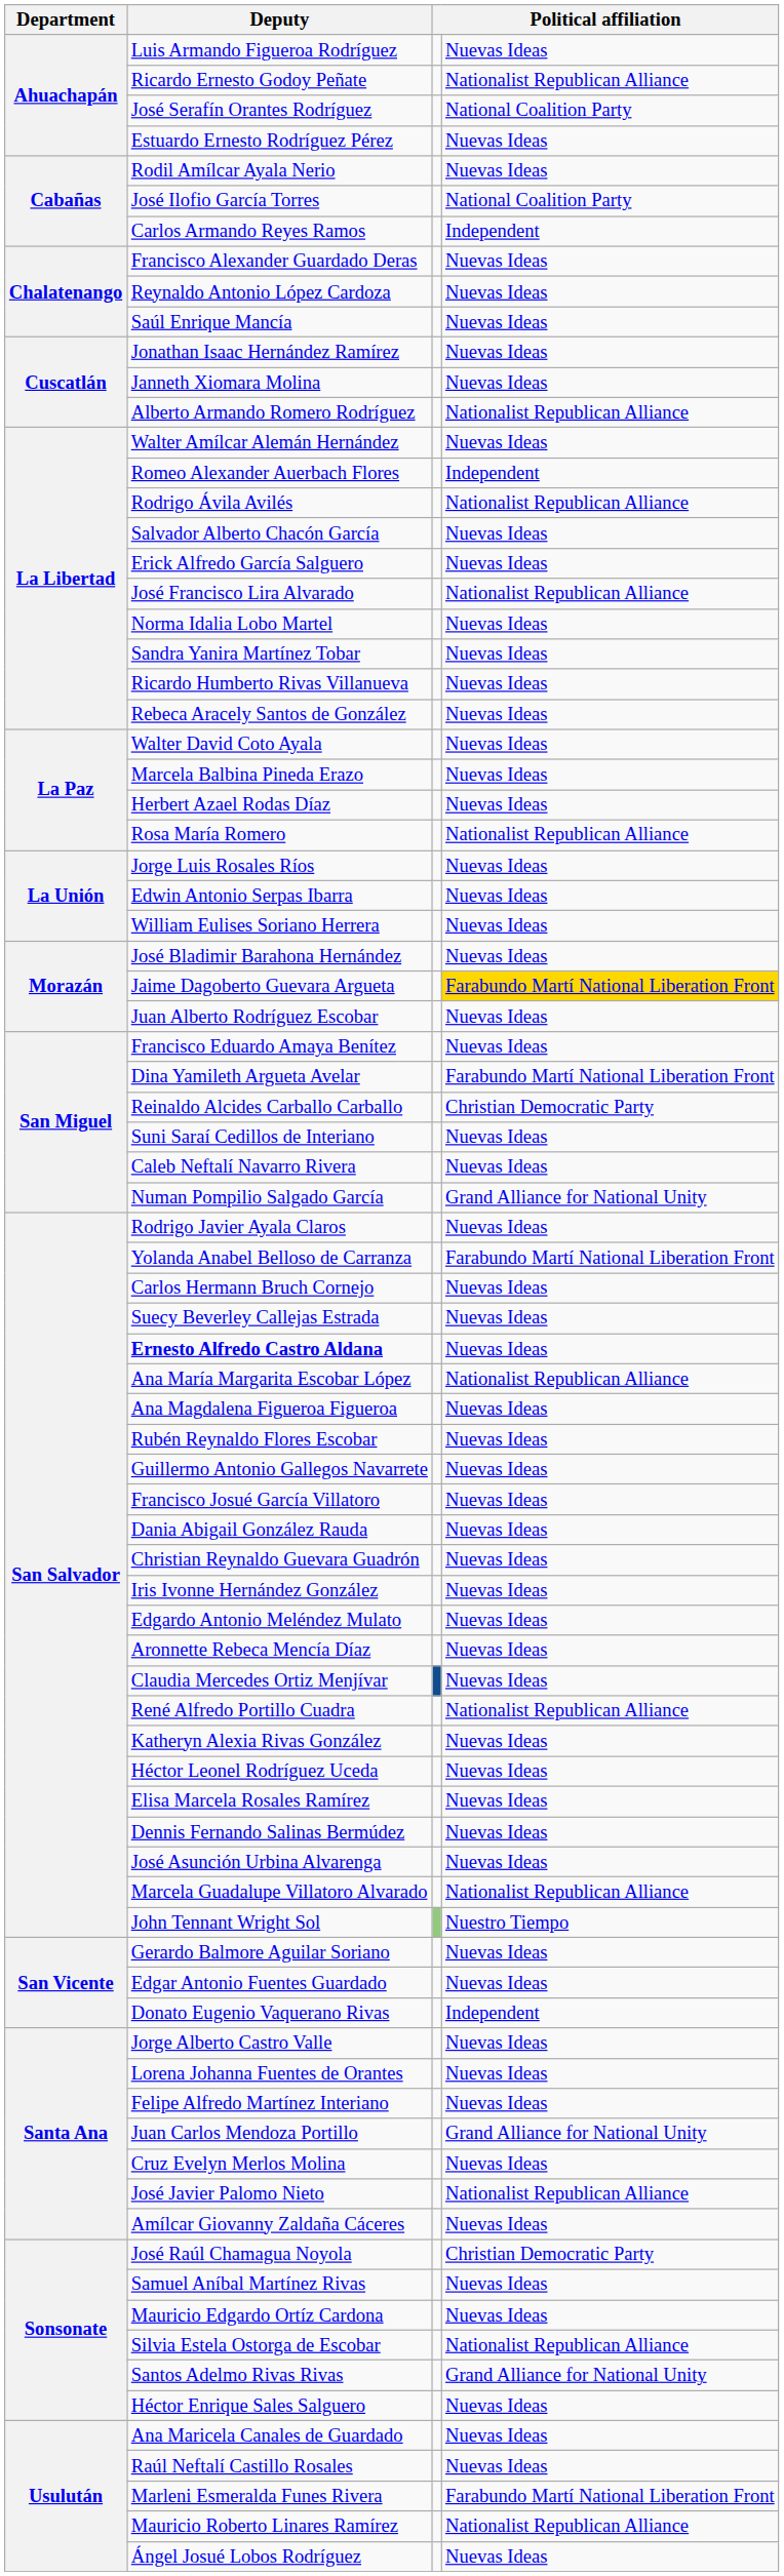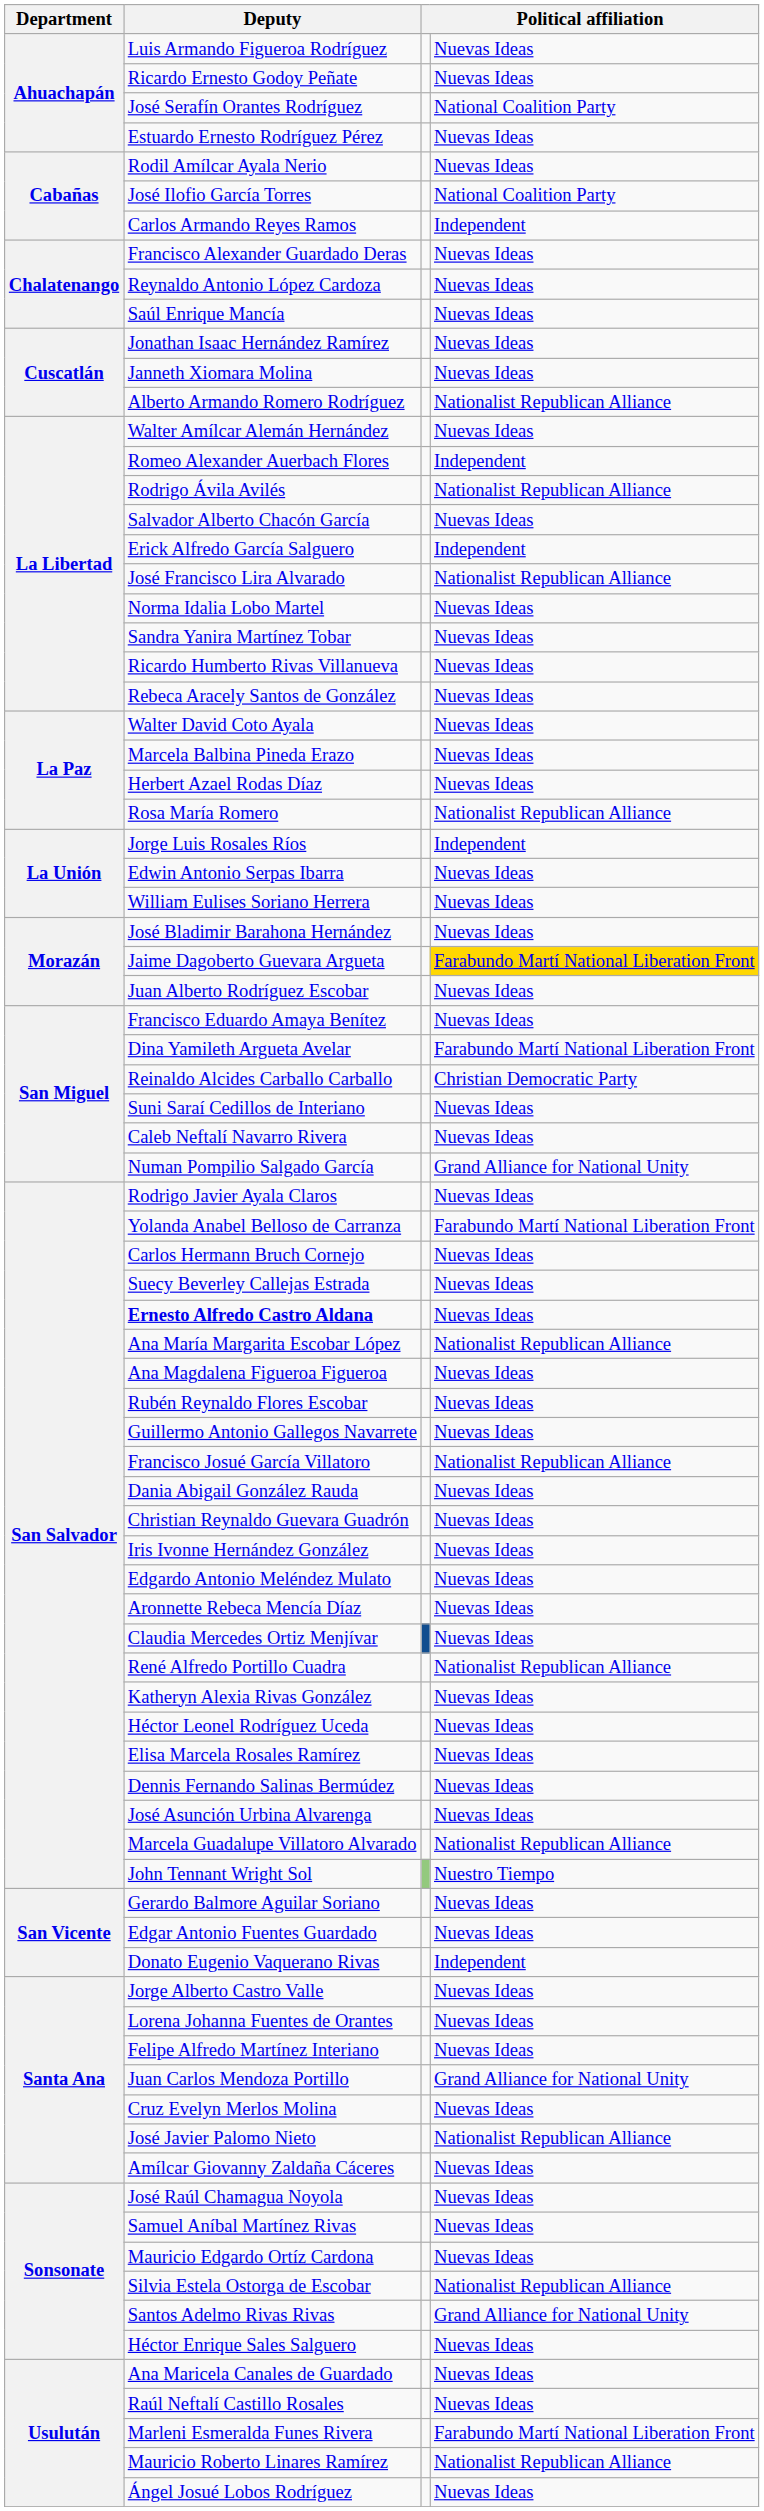 <table class="wikitable sortable">
 <tr>
 <th>Department</th>
 <th>Deputy</th>
 <th colspan="2">Political affiliation</th>
 </tr>
 <tr>
 <th rowspan="4"><a href='#'>Ahuachapán</a></th>
 <td data-sort-value="Figueroa Rodríguez, Luis Armando"><a href='#'>Luis Armando Figueroa Rodríguez</a></td>
 <td></td>
 <td><a href='#'>Nuevas Ideas</a></td>
 </tr>
 <tr>
 <td data-sort-value="Godoy Peñate, Ricardo Ernesto"><a href='#'>Ricardo Ernesto Godoy Peñate</a></td>
 <td></td>
-<td><a href='#'>Nationalist Republican Alliance</a></td>
+<td><a href='#'>Nuevas Ideas</a></td>
 </tr>
 <tr>
 <td data-sort-value="Orantes Rodríguez, José Serafín"><a href='#'>José Serafín Orantes Rodríguez</a></td>
 <td></td>
 <td><a href='#'>National Coalition Party</a></td>
 </tr>
 <tr>
 <td data-sort-value="Rodríguez Pérez, Estuardo Ernesto"><a href='#'>Estuardo Ernesto Rodríguez Pérez</a></td>
 <td></td>
 <td><a href='#'>Nuevas Ideas</a></td>
 </tr>
 <tr>
 <th rowspan="3"><a href='#'>Cabañas</a></th>
 <td data-sort-value="Ayala Nerio, Rodil Amilcar"><a href='#'>Rodil Amílcar Ayala Nerio</a></td>
 <td></td>
 <td><a href='#'>Nuevas Ideas</a></td>
 </tr>
 <tr>
 <td data-sort-value="García Torres, José Ilofio"><a href='#'>José Ilofio García Torres</a></td>
 <td></td>
 <td><a href='#'>National Coalition Party</a></td>
 </tr>
 <tr>
 <td data-sort-value="Reyes Ramos, Carlos Armando"><a href='#'>Carlos Armando Reyes Ramos</a></td>
 <td></td>
 <td><a href='#'>Independent</a></td>
 </tr>
 <tr>
 <th rowspan="3"><a href='#'>Chalatenango</a></th>
 <td data-sort-value="Guardado Deras, Francisco Alexander"><a href='#'>Francisco Alexander Guardado Deras</a></td>
 <td></td>
 <td><a href='#'>Nuevas Ideas</a></td>
 </tr>
 <tr>
 <td data-sort-value="López Cardoza, Reynaldo Antonio"><a href='#'>Reynaldo Antonio López Cardoza</a></td>
 <td></td>
 <td><a href='#'>Nuevas Ideas</a></td>
 </tr>
 <tr>
 <td data-sort-value="Mancia, Saúl Enrique"><a href='#'>Saúl Enrique Mancía</a></td>
 <td></td>
 <td><a href='#'>Nuevas Ideas</a></td>
 </tr>
 <tr>
 <th rowspan="3"><a href='#'>Cuscatlán</a></th>
 <td data-sort-value="Hernández Ramírez, Jonathan Isaac"><a href='#'>Jonathan Isaac Hernández Ramírez</a></td>
 <td></td>
 <td><a href='#'>Nuevas Ideas</a></td>
 </tr>
 <tr>
 <td data-sort-value="Molina, Janneth Xiomara"><a href='#'>Janneth Xiomara Molina</a></td>
 <td></td>
 <td><a href='#'>Nuevas Ideas</a></td>
 </tr>
 <tr>
 <td data-sort-value="Romero Rodríguez, Alberto Armando"><a href='#'>Alberto Armando Romero Rodríguez</a></td>
 <td></td>
 <td><a href='#'>Nationalist Republican Alliance</a></td>
 </tr>
 <tr>
 <th rowspan="10"><a href='#'>La Libertad</a></th>
 <td data-sort-value="Alemán Hernández, Walter Amílcar"><a href='#'>Walter Amílcar Alemán Hernández</a></td>
 <td></td>
 <td><a href='#'>Nuevas Ideas</a></td>
 </tr>
 <tr>
 <td data-sort-value="Auerbach Flores, Romeo Alexander"><a href='#'>Romeo Alexander Auerbach Flores</a></td>
 <td></td>
 <td><a href='#'>Independent</a></td>
 </tr>
 <tr>
 <td data-sort-value="Ávila Avilés, Rodrigo"><a href='#'>Rodrigo Ávila Avilés</a></td>
 <td></td>
 <td><a href='#'>Nationalist Republican Alliance</a></td>
 </tr>
 <tr>
 <td data-sort-value="Chacón García, Salvador Alberto"><a href='#'>Salvador Alberto Chacón García</a></td>
 <td></td>
 <td><a href='#'>Nuevas Ideas</a></td>
 </tr>
 <tr>
 <td data-sort-value="García Salguero, Erick Alfredo"><a href='#'>Erick Alfredo García Salguero</a></td>
 <td></td>
-<td><a href='#'>Nuevas Ideas</a></td>
+<td><a href='#'>Independent</a></td>
 </tr>
 <tr>
 <td data-sort-value="Lira Alvarado, José Francisco"><a href='#'>José Francisco Lira Alvarado</a></td>
 <td></td>
 <td><a href='#'>Nationalist Republican Alliance</a></td>
 </tr>
 <tr>
 <td data-sort-value="Lobo Martel, Norma Idalia"><a href='#'>Norma Idalia Lobo Martel</a></td>
 <td></td>
 <td><a href='#'>Nuevas Ideas</a></td>
 </tr>
 <tr>
 <td data-sort-value="Martínez Tobar, Sandra Yanira"><a href='#'>Sandra Yanira Martínez Tobar</a></td>
 <td></td>
 <td><a href='#'>Nuevas Ideas</a></td>
 </tr>
 <tr>
 <td data-sort-value="Rivas Villanueva, Ricardo Humberto"><a href='#'>Ricardo Humberto Rivas Villanueva</a></td>
 <td></td>
 <td><a href='#'>Nuevas Ideas</a></td>
 </tr>
 <tr>
 <td data-sort-value="Santos de González, Rebeca Aracely"><a href='#'>Rebeca Aracely Santos de González</a></td>
 <td></td>
 <td><a href='#'>Nuevas Ideas</a></td>
 </tr>
 <tr>
 <th rowspan="4"><a href='#'>La Paz</a></th>
 <td data-sort-value="Coto Ayala, Walter David"><a href='#'>Walter David Coto Ayala</a></td>
 <td></td>
 <td><a href='#'>Nuevas Ideas</a></td>
 </tr>
 <tr>
 <td data-sort-value="Pineda Erazo, Marcela Balbina"><a href='#'>Marcela Balbina Pineda Erazo</a></td>
 <td></td>
 <td><a href='#'>Nuevas Ideas</a></td>
 </tr>
 <tr>
 <td data-sort-value="Rodas Díaz, Herbert Azael"><a href='#'>Herbert Azael Rodas Díaz</a></td>
 <td></td>
 <td><a href='#'>Nuevas Ideas</a></td>
 </tr>
 <tr>
 <td data-sort-value="Romero, Rosa María"><a href='#'>Rosa María Romero</a></td>
 <td></td>
 <td><a href='#'>Nationalist Republican Alliance</a></td>
 </tr>
 <tr>
 <th rowspan="3"><a href='#'>La Unión</a></th>
 <td data-sort-value="Rosales Ríos, Jorge Luis"><a href='#'>Jorge Luis Rosales Ríos</a></td>
 <td></td>
-<td><a href='#'>Nuevas Ideas</a></td>
+<td><a href='#'>Independent</a></td>
 </tr>
 <tr>
 <td data-sort-value="Serpas Ibarra, Edwin Antonio"><a href='#'>Edwin Antonio Serpas Ibarra</a></td>
 <td></td>
 <td><a href='#'>Nuevas Ideas</a></td>
 </tr>
 <tr>
 <td data-sort-value="Soriano Herrera, William Eulises"><a href='#'>William Eulises Soriano Herrera</a></td>
 <td></td>
 <td><a href='#'>Nuevas Ideas</a></td>
 </tr>
 <tr>
 <th rowspan="3"><a href='#'>Morazán</a></th>
 <td data-sort-value="Barahona Hernández, José Bladimir"><a href='#'>José Bladimir Barahona Hernández</a></td>
 <td></td>
 <td><a href='#'>Nuevas Ideas</a></td>
 </tr>
 <tr>
 <td data-sort-value="Guevara Argueta, Jaime Dagoberto"><a href='#'>Jaime Dagoberto Guevara Argueta</a></td>
 <td></td>
 <td style="background: gold;"><a href='#'>Farabundo Martí National Liberation Front</a></td>
 </tr>
 <tr>
 <td data-sort-value="Rodríguez Escobar, Juan Alberto"><a href='#'>Juan Alberto Rodríguez Escobar</a></td>
 <td></td>
 <td><a href='#'>Nuevas Ideas</a></td>
 </tr>
 <tr>
 <th rowspan="6"><a href='#'>San Miguel</a></th>
 <td data-sort-value="Amaya Benítez, Francisco Eduardo"><a href='#'>Francisco Eduardo Amaya Benítez</a></td>
 <td></td>
 <td><a href='#'>Nuevas Ideas</a></td>
 </tr>
 <tr>
 <td data-sort-value="Argueta Avelar, Dina Yamileth"><a href='#'>Dina Yamileth Argueta Avelar</a></td>
 <td></td>
 <td><a href='#'>Farabundo Martí National Liberation Front</a></td>
 </tr>
 <tr>
 <td data-sort-value="Carballo Carballo, Reinaldo Alcides"><a href='#'>Reinaldo Alcides Carballo Carballo</a></td>
 <td></td>
 <td><a href='#'>Christian Democratic Party</a></td>
 </tr>
 <tr>
 <td data-sort-value="Cedillos de Interiano, Suni Sarai"><a href='#'>Suni Saraí Cedillos de Interiano</a></td>
 <td></td>
 <td><a href='#'>Nuevas Ideas</a></td>
 </tr>
 <tr>
 <td data-sort-value="Navarro Rivera, Caleb Neftali"><a href='#'>Caleb Neftalí Navarro Rivera</a></td>
 <td></td>
 <td><a href='#'>Nuevas Ideas</a></td>
 </tr>
 <tr>
 <td data-sort-value="Salgado Garcia, Numan Pompilio"><a href='#'>Numan Pompilio Salgado García</a></td>
 <td></td>
 <td><a href='#'>Grand Alliance for National Unity</a></td>
 </tr>
 <tr>
 <th rowspan="24"><a href='#'>San Salvador</a></th>
 <td data-sort-value="Ayala Claros, Rodrigo Javier"><a href='#'>Rodrigo Javier Ayala Claros</a></td>
 <td></td>
 <td><a href='#'>Nuevas Ideas</a></td>
 </tr>
 <tr>
 <td data-sort-value="Belloso de Carranza, Yolanda Anabel"><a href='#'>Yolanda Anabel Belloso de Carranza</a></td>
 <td></td>
 <td><a href='#'>Farabundo Martí National Liberation Front</a></td>
 </tr>
 <tr>
 <td data-sort-value="Bruch Cornejo, Carlos Hermann"><a href='#'>Carlos Hermann Bruch Cornejo</a></td>
 <td></td>
 <td><a href='#'>Nuevas Ideas</a></td>
 </tr>
 <tr>
 <td data-sort-value="Callejas Estrada, Suecy Beverley"><a href='#'>Suecy Beverley Callejas Estrada</a></td>
 <td></td>
 <td><a href='#'>Nuevas Ideas</a></td>
 </tr>
 <tr>
 <td data-sort-value="Castro Aldana, Ernesto Alfredo"><strong><a href='#'>Ernesto Alfredo Castro Aldana</a></strong></td>
 <td></td>
 <td><a href='#'>Nuevas Ideas</a></td>
 </tr>
 <tr>
 <td data-sort-value="Escobar López, Ana María Margarita"><a href='#'>Ana María Margarita Escobar López</a></td>
 <td></td>
 <td><a href='#'>Nationalist Republican Alliance</a></td>
 </tr>
 <tr>
 <td data-sort-value="Figueroa Figueroa, Ana Magdalena"><a href='#'>Ana Magdalena Figueroa Figueroa</a></td>
 <td></td>
 <td><a href='#'>Nuevas Ideas</a></td>
 </tr>
 <tr>
 <td data-sort-value="Flores Escobar, Rubén Reynaldo"><a href='#'>Rubén Reynaldo Flores Escobar</a></td>
 <td></td>
 <td><a href='#'>Nuevas Ideas</a></td>
 </tr>
 <tr>
 <td data-sort-value="Gallegos Navarrete, Guillermo Antonio"><a href='#'>Guillermo Antonio Gallegos Navarrete</a></td>
 <td></td>
 <td><a href='#'>Nuevas Ideas</a></td>
 </tr>
 <tr>
 <td data-sort-value="García Villatoro, Francisco Josué"><a href='#'>Francisco Josué García Villatoro</a></td>
 <td></td>
-<td><a href='#'>Nuevas Ideas</a></td>
+<td><a href='#'>Nationalist Republican Alliance</a></td>
 </tr>
 <tr>
 <td data-sort-value="González Rauda, Dania Abigail"><a href='#'>Dania Abigail González Rauda</a></td>
 <td></td>
 <td><a href='#'>Nuevas Ideas</a></td>
 </tr>
 <tr>
 <td data-sort-value="Guevara Guadrón, Christian Reynaldo"><a href='#'>Christian Reynaldo Guevara Guadrón</a></td>
 <td></td>
 <td><a href='#'>Nuevas Ideas</a></td>
 </tr>
 <tr>
 <td data-sort-value="Hernández González, Iris Ivonne"><a href='#'>Iris Ivonne Hernández González</a></td>
 <td></td>
 <td><a href='#'>Nuevas Ideas</a></td>
 </tr>
 <tr>
 <td data-sort-value="Meléndez Mulato, Edgardo Antonio"><a href='#'>Edgardo Antonio Meléndez Mulato</a></td>
 <td></td>
 <td><a href='#'>Nuevas Ideas</a></td>
 </tr>
 <tr>
 <td data-sort-value="Mencía Díaz, Aronette Rebeca"><a href='#'>Aronnette Rebeca Mencía Díaz</a></td>
 <td></td>
 <td><a href='#'>Nuevas Ideas</a></td>
 </tr>
 <tr>
 <td data-sort-value="Ortiz Menjívar, Claudia Mercedes"><a href='#'>Claudia Mercedes Ortiz Menjívar</a></td>
 <td bgcolor="#104d8f"></td>
 <td><a href='#'>Nuevas Ideas</a></td>
 </tr>
 <tr>
 <td data-sort-value="Portillo Cuadra, René Alfredo"><a href='#'>René Alfredo Portillo Cuadra</a></td>
 <td></td>
 <td><a href='#'>Nationalist Republican Alliance</a></td>
 </tr>
 <tr>
 <td data-sort-value="Rivas González, Katheryn Alexia"><a href='#'>Katheryn Alexia Rivas González</a></td>
 <td></td>
 <td><a href='#'>Nuevas Ideas</a></td>
 </tr>
 <tr>
 <td data-sort-value="Rodríguez Uceda, Héctor Leonel"><a href='#'>Héctor Leonel Rodríguez Uceda</a></td>
 <td></td>
 <td><a href='#'>Nuevas Ideas</a></td>
 </tr>
 <tr>
 <td data-sort-value="Rosales Ramírez, Elisa Marcela"><a href='#'>Elisa Marcela Rosales Ramírez</a></td>
 <td></td>
 <td><a href='#'>Nuevas Ideas</a></td>
 </tr>
 <tr>
 <td data-sort-value="Salinas Bermúdez, Dennis Fernando"><a href='#'>Dennis Fernando Salinas Bermúdez</a></td>
 <td></td>
 <td><a href='#'>Nuevas Ideas</a></td>
 </tr>
 <tr>
 <td data-sort-value="Urbina Alvarenga, José Asunción"><a href='#'>José Asunción Urbina Alvarenga</a></td>
 <td></td>
 <td><a href='#'>Nuevas Ideas</a></td>
 </tr>
 <tr>
 <td data-sort-value="Villatoro Alvarado, Marcela Guadalupe"><a href='#'>Marcela Guadalupe Villatoro Alvarado</a></td>
 <td></td>
 <td><a href='#'>Nationalist Republican Alliance</a></td>
 </tr>
 <tr>
 <td data-sort-value="Wright Sol, John Tennant"><a href='#'>John Tennant Wright Sol</a></td>
 <td bgcolor="#93C97D"></td>
 <td><a href='#'>Nuestro Tiempo</a></td>
 </tr>
 <tr>
 <th rowspan="3"><a href='#'>San Vicente</a></th>
 <td data-sort-value="Aguilar Soriano, Gerardo Balmore"><a href='#'>Gerardo Balmore Aguilar Soriano</a></td>
 <td></td>
 <td><a href='#'>Nuevas Ideas</a></td>
 </tr>
 <tr>
 <td data-sort-value="Fuentes Guardado, Edgar Antonio"><a href='#'>Edgar Antonio Fuentes Guardado</a></td>
 <td></td>
 <td><a href='#'>Nuevas Ideas</a></td>
 </tr>
 <tr>
 <td data-sort-value="Vaquerano Rivas, Donato Eugenio"><a href='#'>Donato Eugenio Vaquerano Rivas</a></td>
 <td></td>
 <td><a href='#'>Independent</a></td>
 </tr>
 <tr>
 <th rowspan="7"><a href='#'>Santa Ana</a></th>
 <td data-sort-value="Castro Valle, Jorge Alberto"><a href='#'>Jorge Alberto Castro Valle</a></td>
 <td></td>
 <td><a href='#'>Nuevas Ideas</a></td>
 </tr>
 <tr>
 <td data-sort-value="Fuentes de Orantes, Lorena Johanna"><a href='#'>Lorena Johanna Fuentes de Orantes</a></td>
 <td></td>
 <td><a href='#'>Nuevas Ideas</a></td>
 </tr>
 <tr>
 <td data-sort-value="Martínez Interiano, Felipe Alfredo"><a href='#'>Felipe Alfredo Martínez Interiano</a></td>
 <td></td>
 <td><a href='#'>Nuevas Ideas</a></td>
 </tr>
 <tr>
 <td data-sort-value="Mendoza Portillo, Juan Carlos"><a href='#'>Juan Carlos Mendoza Portillo</a></td>
 <td></td>
 <td><a href='#'>Grand Alliance for National Unity</a></td>
 </tr>
 <tr>
 <td data-sort-value="Merlos Molina, Cruz Evelyn"><a href='#'>Cruz Evelyn Merlos Molina</a></td>
 <td></td>
 <td><a href='#'>Nuevas Ideas</a></td>
 </tr>
 <tr>
 <td data-sort-value="Palomo Nieto, José Javier"><a href='#'>José Javier Palomo Nieto</a></td>
 <td></td>
 <td><a href='#'>Nationalist Republican Alliance</a></td>
 </tr>
 <tr>
 <td data-sort-value="Zaldaña Cáceres, Amílcar Giovanny"><a href='#'>Amílcar Giovanny Zaldaña Cáceres</a></td>
 <td></td>
 <td><a href='#'>Nuevas Ideas</a></td>
 </tr>
 <tr>
 <th rowspan="6"><a href='#'>Sonsonate</a></th>
 <td data-sort-value="Chamagua Noyola, José Raúl"><a href='#'>José Raúl Chamagua Noyola</a></td>
 <td></td>
-<td><a href='#'>Christian Democratic Party</a></td>
+<td><a href='#'>Nuevas Ideas</a></td>
 </tr>
 <tr>
 <td data-sort-value="Martínez Rivas, Samuel Aníbal"><a href='#'>Samuel Aníbal Martínez Rivas</a></td>
 <td></td>
 <td><a href='#'>Nuevas Ideas</a></td>
 </tr>
 <tr>
 <td data-sort-value="Ortiz Cardona, Mauricio Edgardo"><a href='#'>Mauricio Edgardo Ortíz Cardona</a></td>
 <td></td>
 <td><a href='#'>Nuevas Ideas</a></td>
 </tr>
 <tr>
 <td data-sort-value="Ostorga de Escobar, Silvia Estela"><a href='#'>Silvia Estela Ostorga de Escobar</a></td>
 <td></td>
 <td><a href='#'>Nationalist Republican Alliance</a></td>
 </tr>
 <tr>
 <td data-sort-value="Rivas Rivas, Santos Adelmo"><a href='#'>Santos Adelmo Rivas Rivas</a></td>
 <td></td>
 <td><a href='#'>Grand Alliance for National Unity</a></td>
 </tr>
 <tr>
 <td data-sort-value="Sales Salguero, Héctor Enrique"><a href='#'>Héctor Enrique Sales Salguero</a></td>
 <td></td>
 <td><a href='#'>Nuevas Ideas</a></td>
 </tr>
 <tr>
 <th rowspan="5"><a href='#'>Usulután</a></th>
 <td data-sort-value="Canales de Guardado, Ana Maricela"><a href='#'>Ana Maricela Canales de Guardado</a></td>
 <td></td>
 <td><a href='#'>Nuevas Ideas</a></td>
 </tr>
 <tr>
 <td data-sort-value="Castillo Rosales, Raúl Neftalí"><a href='#'>Raúl Neftalí Castillo Rosales</a></td>
 <td></td>
 <td><a href='#'>Nuevas Ideas</a></td>
 </tr>
 <tr>
 <td data-sort-value="Funes Rivera, Marleni Esmeralda"><a href='#'>Marleni Esmeralda Funes Rivera</a></td>
 <td></td>
 <td><a href='#'>Farabundo Martí National Liberation Front</a></td>
 </tr>
 <tr>
 <td data-sort-value="Linares Ramírez, Mauricio Roberto"><a href='#'>Mauricio Roberto Linares Ramírez</a></td>
 <td></td>
 <td><a href='#'>Nationalist Republican Alliance</a></td>
 </tr>
 <tr>
 <td data-sort-value="Lobos Rodríguez, Ángel Josué"><a href='#'>Ángel Josué Lobos Rodríguez</a></td>
 <td></td>
 <td><a href='#'>Nuevas Ideas</a></td>
 </tr>
 </table>
